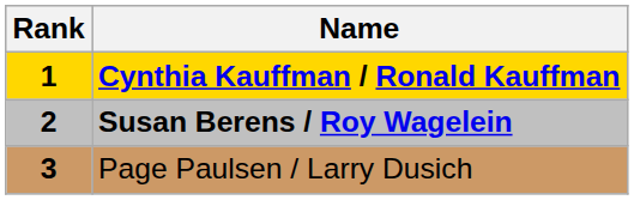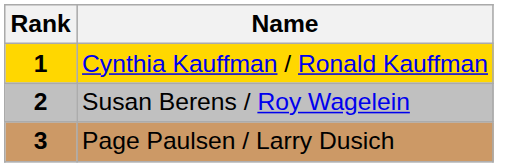 <table class="wikitable">
 <tr>
 <th>Rank</th>
 <th>Name</th>
 </tr>
 <tr bgcolor="gold">
 <td align="center"><strong>1</strong></td>
-<td><strong><a href='#'>Cynthia Kauffman</a> / <a href='#'>Ronald Kauffman</a></strong></td>
+<td><a href='#'>Cynthia Kauffman</a> / <a href='#'>Ronald Kauffman</a></td>
 </tr>
 <tr bgcolor="silver">
 <td align="center"><strong>2</strong></td>
-<td><strong>Susan Berens / <a href='#'>Roy Wagelein</a></strong></td>
+<td>Susan Berens / <a href='#'>Roy Wagelein</a></td>
 </tr>
 <tr bgcolor="cc9966">
 <td align="center"><strong>3</strong></td>
 <td>Page Paulsen / Larry Dusich</td>
 </tr>
 </table>
